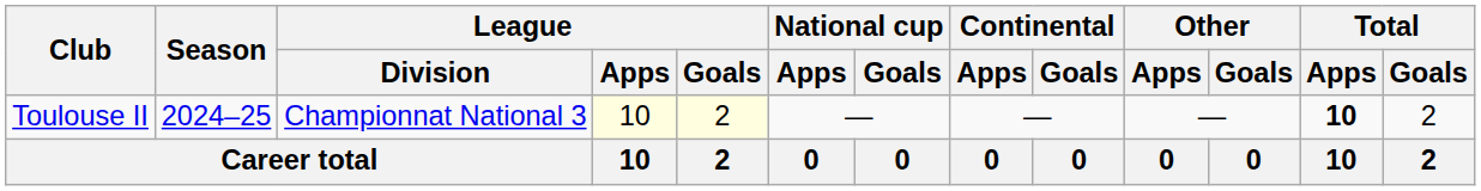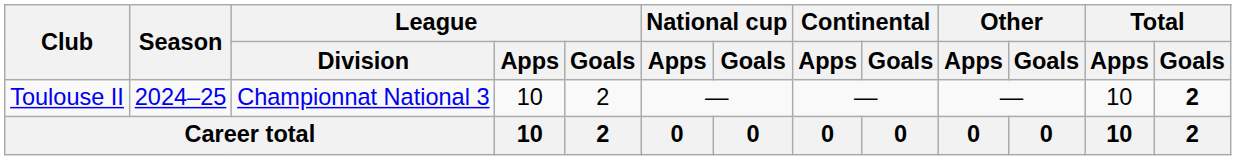 <table class="wikitable" style="text-align:center">
 <tr>
 <th rowspan="2">Club</th>
 <th rowspan="2">Season</th>
 <th colspan="3">League</th>
 <th colspan="2">National cup</th>
 <th colspan="2">Continental</th>
 <th colspan="2">Other</th>
 <th colspan="2">Total</th>
 </tr>
 <tr>
 <th>Division</th>
 <th>Apps</th>
 <th>Goals</th>
 <th>Apps</th>
 <th>Goals</th>
 <th>Apps</th>
 <th>Goals</th>
 <th>Apps</th>
 <th>Goals</th>
 <th>Apps</th>
 <th>Goals</th>
 </tr>
 <tr>
 <td><a href='#'>Toulouse II</a></td>
 <td><a href='#'>2024–25</a></td>
 <td><a href='#'>Championnat National 3</a></td>
-<td style="background: lightyellow;">10</td>
-<td style="background: lightyellow;">2</td>
+<td>10</td>
+<td>2</td>
 <td colspan="2">—</td>
 <td colspan="2">—</td>
 <td colspan="2">—</td>
-<td><strong>10</strong></td>
-<td>2</td>
+<td>10</td>
+<td><strong>2</strong></td>
 </tr>
 <tr>
 <th colspan="3">Career total</th>
 <th>10</th>
 <th>2</th>
 <th>0</th>
 <th>0</th>
 <th>0</th>
 <th>0</th>
 <th>0</th>
 <th>0</th>
 <th>10</th>
 <th>2</th>
 </tr>
 </table>
